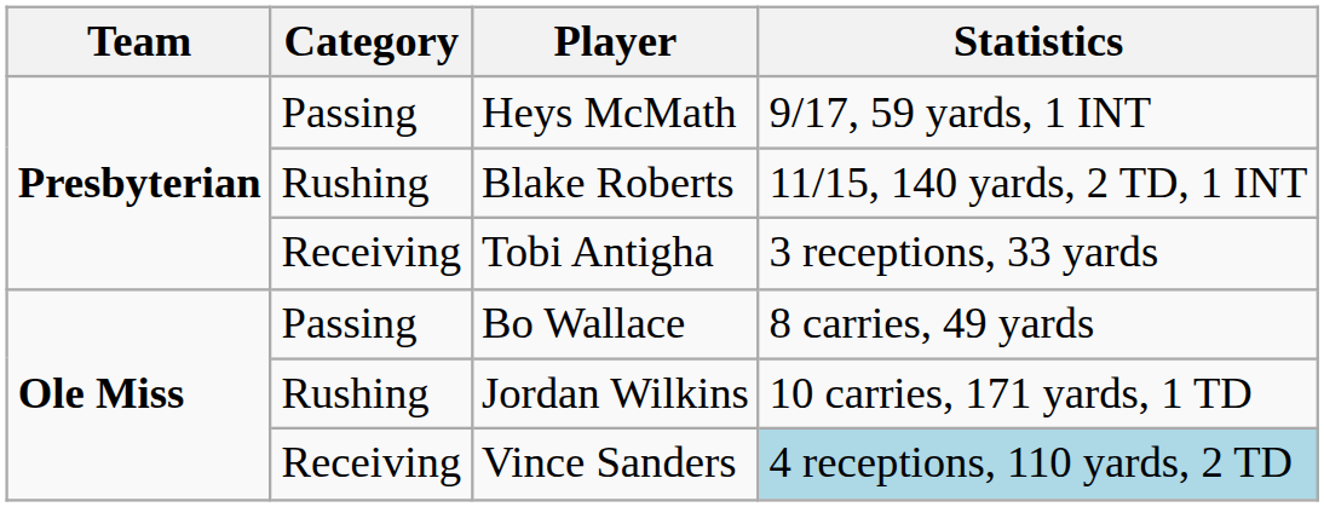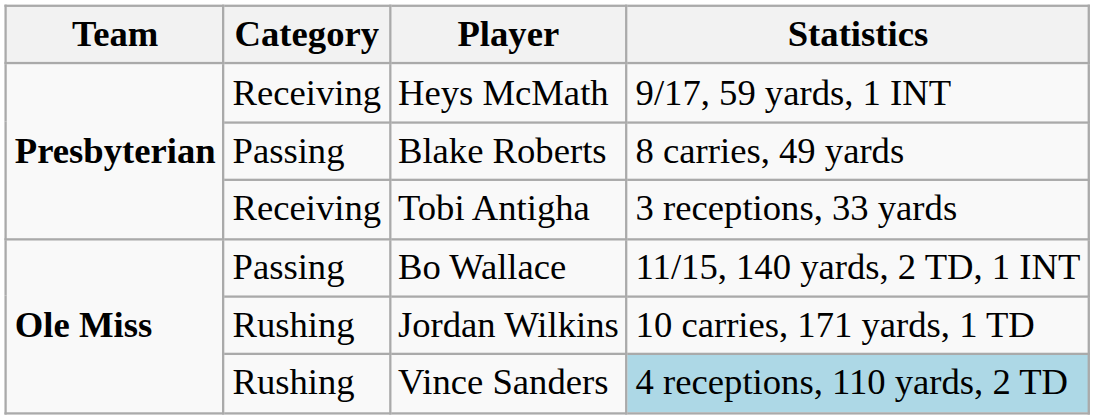 <table class="wikitable" style="float: right;">
 <tr>
 <th>Team</th>
 <th>Category</th>
 <th>Player</th>
 <th>Statistics</th>
 </tr>
 <tr>
 <td rowspan=3><strong>Presbyterian</strong></td>
-<td>Passing</td>
+<td>Receiving</td>
 <td>Heys McMath</td>
 <td>9/17, 59 yards, 1 INT</td>
 </tr>
 <tr>
-<td>Rushing</td>
+<td>Passing</td>
 <td>Blake Roberts</td>
-<td>11/15, 140 yards, 2 TD, 1 INT</td>
+<td>8 carries, 49 yards</td>
 </tr>
 <tr>
 <td>Receiving</td>
 <td>Tobi Antigha</td>
 <td>3 receptions, 33 yards</td>
 </tr>
 <tr>
 <td rowspan=3><strong>Ole Miss</strong></td>
 <td>Passing</td>
 <td>Bo Wallace</td>
-<td>8 carries, 49 yards</td>
+<td>11/15, 140 yards, 2 TD, 1 INT</td>
 </tr>
 <tr>
 <td>Rushing</td>
 <td>Jordan Wilkins</td>
 <td>10 carries, 171 yards, 1 TD</td>
 </tr>
 <tr>
-<td>Receiving</td>
+<td>Rushing</td>
 <td>Vince Sanders</td>
 <td style="background: lightblue;">4 receptions, 110 yards, 2 TD</td>
 </tr>
 </table>
